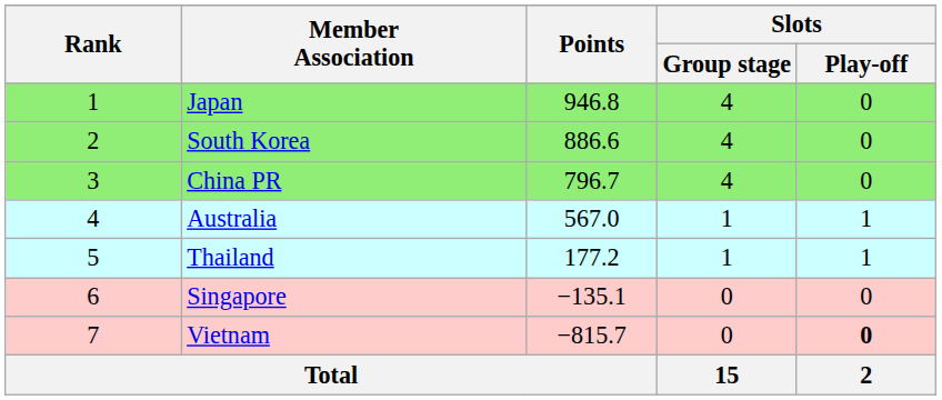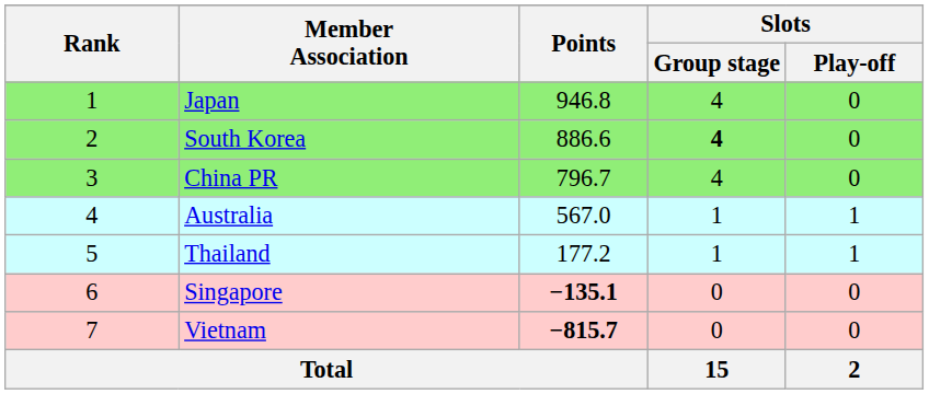 <table class="wikitable" style="text-align:center">
 <tr>
 </tr>
 <tr>
 <th rowspan=2>Rank</th>
 <th rowspan=2>Member<br>Association</th>
 <th rowspan=2 width=14%>Points</th>
 <th colspan=3>Slots</th>
 </tr>
 <tr>
 <th width=15%>Group stage</th>
 <th width=15%>Play-off</th>
 </tr>
 <tr bgcolor=#90EE77>
 <td>1</td>
 <td align=left> <a href='#'>Japan</a></td>
 <td>946.8</td>
 <td>4</td>
 <td>0</td>
 </tr>
 <tr bgcolor=#90EE77>
 <td>2</td>
 <td align=left> <a href='#'>South Korea</a></td>
 <td>886.6</td>
-<td>4</td>
+<td><strong>4</strong></td>
 <td>0</td>
 </tr>
 <tr bgcolor=#90EE77>
 <td>3</td>
 <td align=left> <a href='#'>China PR</a></td>
 <td>796.7</td>
 <td>4</td>
 <td>0</td>
 </tr>
 <tr bgcolor=#ccffff>
 <td>4</td>
 <td align=left> <a href='#'>Australia</a></td>
 <td>567.0</td>
 <td>1</td>
 <td>1</td>
 </tr>
 <tr bgcolor=#ccffff>
 <td>5</td>
 <td align=left> <a href='#'>Thailand</a></td>
 <td>177.2</td>
 <td>1</td>
 <td>1</td>
 </tr>
 <tr bgcolor=#ffcccc>
 <td>6</td>
 <td align=left> <a href='#'>Singapore</a></td>
-<td>−135.1</td>
+<td><strong>−135.1</strong></td>
 <td>0</td>
 <td>0</td>
 </tr>
 <tr bgcolor=#ffcccc>
 <td>7</td>
 <td align=left> <a href='#'>Vietnam</a></td>
-<td>−815.7</td>
+<td><strong>−815.7</strong></td>
 <td>0</td>
-<td><strong>0</strong></td>
+<td>0</td>
 </tr>
 <tr>
 <th colspan=3>Total</th>
 <th>15</th>
 <th>2</th>
 </tr>
 </table>
